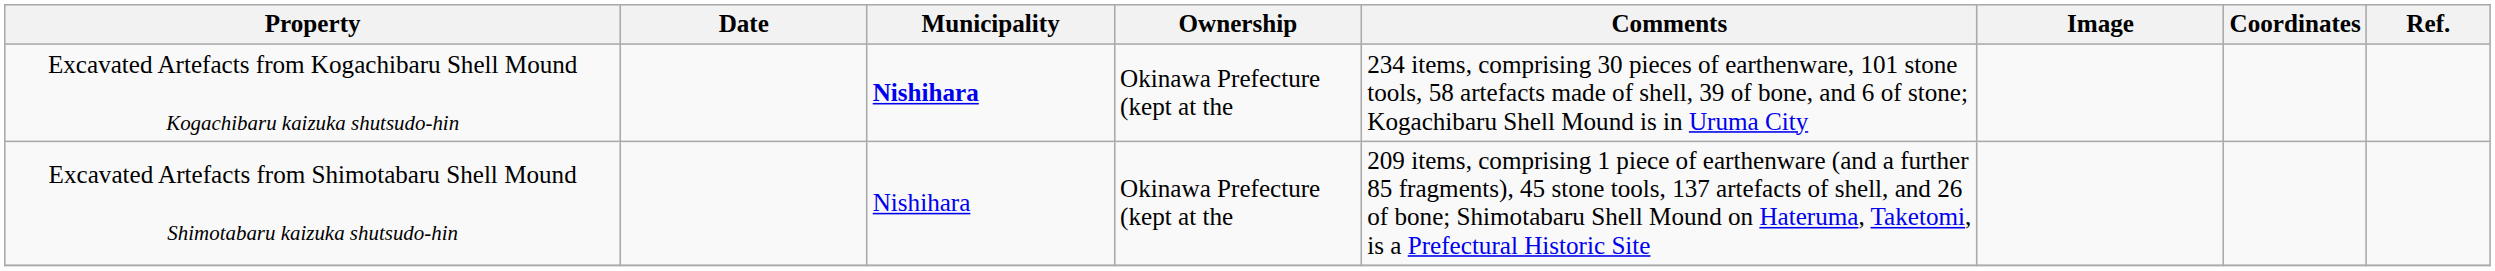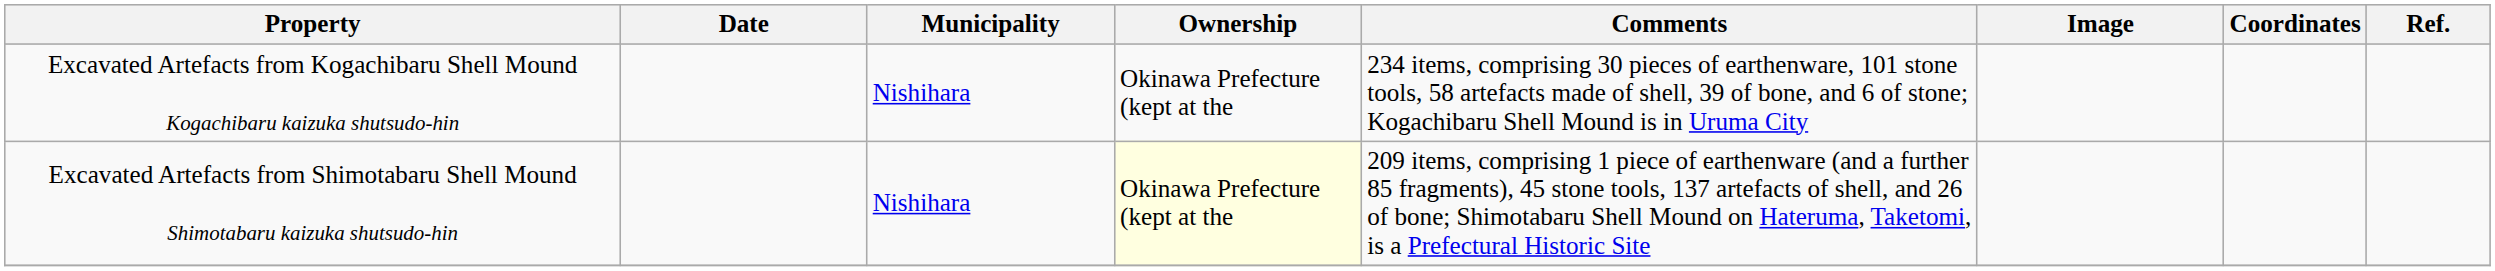 <table class="wikitable sortable"  style="width:100%;">
 <tr>
 <th width="25%" align="left">Property</th>
 <th width="10%" align="left">Date</th>
 <th width="10%" align="left">Municipality</th>
 <th width="10%" align="left">Ownership</th>
 <th width="25%" align="left" class="unsortable">Comments</th>
 <th width="10%" align="left" class="unsortable">Image</th>
 <th width="5%" align="left" class="unsortable">Coordinates</th>
 <th width="5%" align="left" class="unsortable">Ref.</th>
 </tr>
 <tr>
 <td align="center">Excavated Artefacts from Kogachibaru Shell Mound<br><br><small><em>Kogachibaru kaizuka shutsudo-hin</em></small></td>
 <td></td>
-<td><strong><a href='#'>Nishihara</a></strong></td>
+<td><a href='#'>Nishihara</a></td>
 <td>Okinawa Prefecture<br>(kept at the </td>
 <td>234 items, comprising 30 pieces of earthenware, 101 stone tools, 58 artefacts made of shell, 39 of bone, and 6 of stone; Kogachibaru Shell Mound is in <a href='#'>Uruma City</a></td>
 <td></td>
 <td></td>
 <td></td>
 </tr>
 <tr>
 <td align="center">Excavated Artefacts from Shimotabaru Shell Mound<br><br><small><em>Shimotabaru kaizuka shutsudo-hin</em></small></td>
 <td></td>
 <td><a href='#'>Nishihara</a></td>
-<td>Okinawa Prefecture<br>(kept at the </td>
+<td style="background: lightyellow;">Okinawa Prefecture<br>(kept at the </td>
 <td>209 items, comprising 1 piece of earthenware (and a further 85 fragments), 45 stone tools, 137 artefacts of shell, and 26 of bone; Shimotabaru Shell Mound on <a href='#'>Hateruma</a>, <a href='#'>Taketomi</a>, is a <a href='#'>Prefectural Historic Site</a></td>
 <td></td>
 <td></td>
 <td></td>
 </tr>
 <tr>
 </tr>
 </table>
